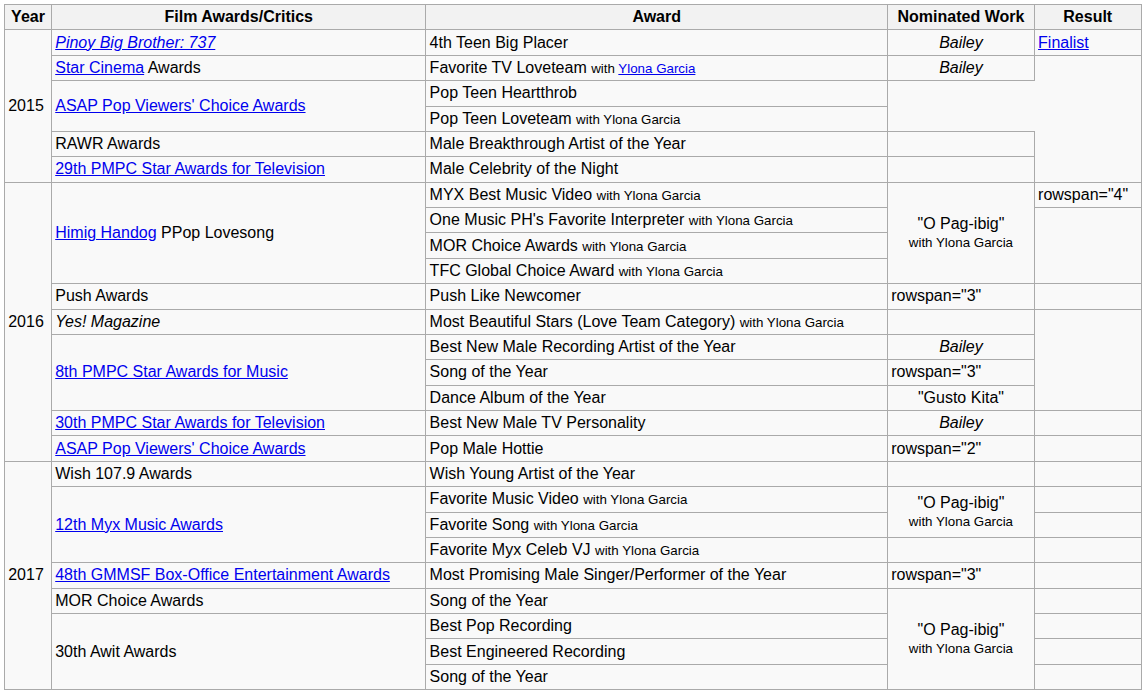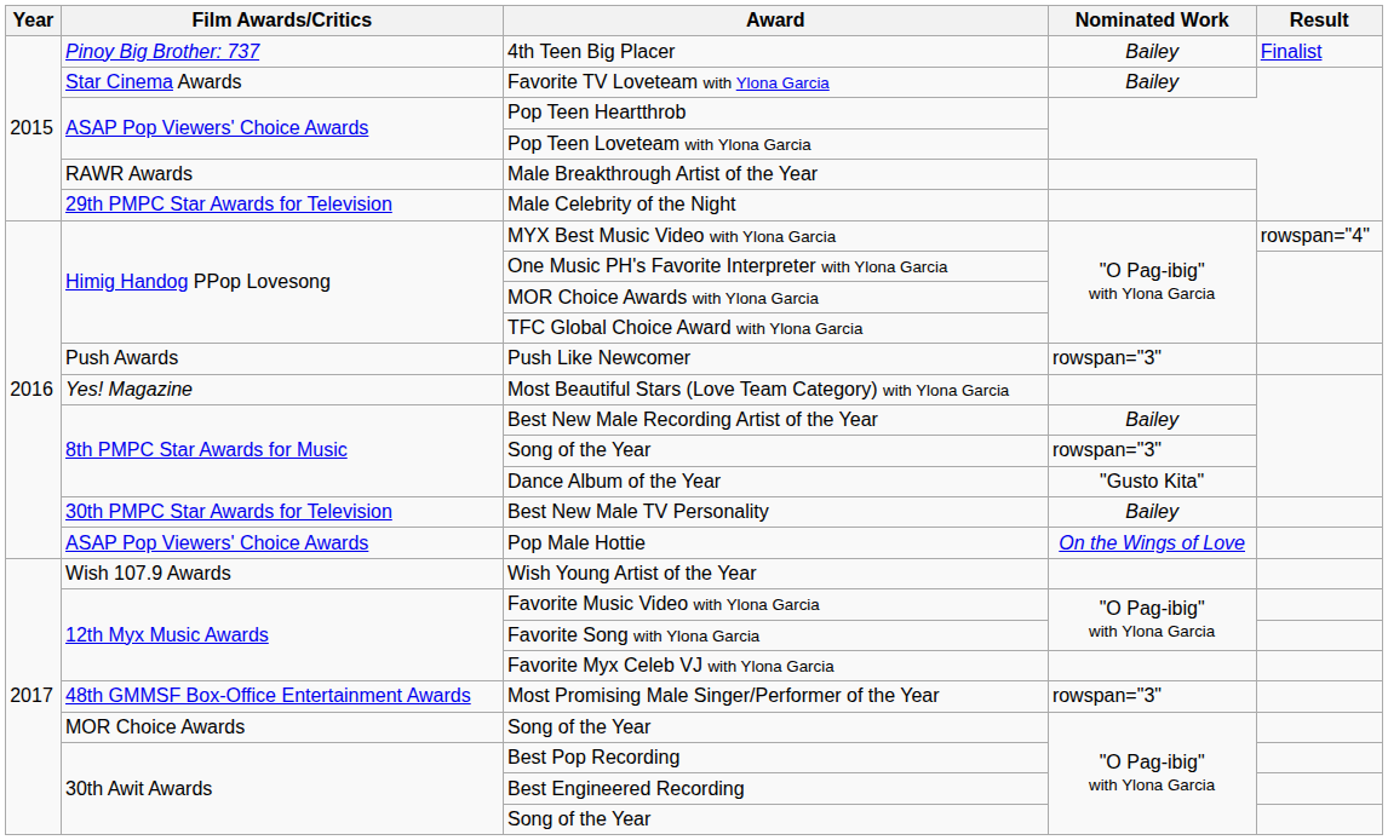 <table class="wikitable" style="width: 90%;">
 <tr>
 <th>Year</th>
 <th>Film Awards/Critics</th>
 <th>Award</th>
 <th>Nominated Work</th>
 <th>Result</th>
 </tr>
 <tr>
 <td rowspan="6">2015</td>
 <td><em><a href='#'>Pinoy Big Brother: 737</a></em></td>
 <td>4th Teen Big Placer</td>
 <td align="center"><em>Bailey</em></td>
 <td><a href='#'>Finalist</a></td>
 </tr>
 <tr>
 <td><a href='#'>Star Cinema</a> Awards</td>
 <td>Favorite TV Loveteam <small>with <a href='#'>Ylona Garcia</a></small></td>
 <td align="center"><em>Bailey</em></td>
 </tr>
 <tr>
 <td rowspan="2"><a href='#'>ASAP Pop Viewers' Choice Awards</a></td>
 <td>Pop Teen Heartthrob</td>
 </tr>
 <tr>
 <td>Pop Teen Loveteam <small>with Ylona Garcia</small></td>
 </tr>
 <tr>
 <td>RAWR Awards</td>
 <td>Male Breakthrough Artist of the Year</td>
 <td></td>
 </tr>
 <tr>
 <td><a href='#'>29th PMPC Star Awards for Television</a></td>
 <td>Male Celebrity of the Night</td>
 <td></td>
 </tr>
 <tr>
 <td rowspan="11">2016</td>
 <td rowspan="4"><a href='#'>Himig Handog</a> PPop Lovesong</td>
 <td>MYX Best Music Video <small>with Ylona Garcia</small></td>
 <td rowspan="4" align="center">"O Pag-ibig"<br><small>with Ylona Garcia</small></td>
 <td>rowspan="4" </td>
 </tr>
 <tr>
 <td>One Music PH's Favorite Interpreter <small>with Ylona Garcia</small></td>
 </tr>
 <tr>
 <td>MOR Choice Awards <small>with Ylona Garcia</small></td>
 </tr>
 <tr>
 <td>TFC Global Choice Award <small>with Ylona Garcia</small></td>
 </tr>
 <tr>
 <td>Push Awards</td>
 <td>Push Like Newcomer</td>
 <td>rowspan="3" </td>
 <td></td>
 </tr>
 <tr>
 <td><em>Yes! Magazine</em></td>
 <td>Most Beautiful Stars (Love Team Category) <small>with Ylona Garcia</small></td>
 <td></td>
 </tr>
 <tr>
 <td rowspan="3"><a href='#'>8th PMPC Star Awards for Music</a></td>
 <td>Best New Male Recording Artist of the Year</td>
 <td align="center"><em>Bailey</em></td>
 </tr>
 <tr>
 <td>Song of the Year</td>
 <td>rowspan="3" </td>
 </tr>
 <tr>
 <td>Dance Album of the Year</td>
 <td align="center">"Gusto Kita"</td>
 </tr>
 <tr>
 <td><a href='#'>30th PMPC Star Awards for Television</a></td>
 <td>Best New Male TV Personality</td>
 <td align="center"><em>Bailey</em></td>
 <td></td>
 </tr>
 <tr>
 <td><a href='#'>ASAP Pop Viewers' Choice Awards</a></td>
 <td>Pop Male Hottie</td>
-<td>rowspan="2" </td>
+<td align="center"><em><a href='#'>On the Wings of Love</a></em></td>
 <td></td>
 </tr>
 <tr>
 <td rowspan=9>2017</td>
 <td>Wish 107.9 Awards</td>
 <td>Wish Young Artist of the Year</td>
 <td></td>
 </tr>
 <tr>
 <td rowspan=3><a href='#'>12th Myx Music Awards</a></td>
 <td>Favorite Music Video <small>with Ylona Garcia</small></td>
 <td rowspan=2 align="center">"O Pag-ibig"<br><small>with Ylona Garcia</small></td>
 <td></td>
 </tr>
 <tr>
 <td>Favorite Song <small>with Ylona Garcia</small></td>
 <td></td>
 </tr>
 <tr>
 <td>Favorite Myx Celeb VJ <small>with Ylona Garcia</small></td>
 <td></td>
 <td></td>
 </tr>
 <tr>
 <td><a href='#'>48th GMMSF Box-Office Entertainment Awards</a></td>
 <td>Most Promising Male Singer/Performer of the Year</td>
 <td>rowspan="3" </td>
 <td></td>
 </tr>
 <tr>
 <td>MOR Choice Awards</td>
 <td>Song of the Year</td>
 <td rowspan="6" align= center>"O Pag-ibig"<br><small>with Ylona Garcia</small></td>
 <td></td>
 </tr>
 <tr>
 <td rowspan=3>30th Awit Awards</td>
 <td>Best Pop Recording</td>
 <td></td>
 </tr>
 <tr>
 <td>Best Engineered Recording</td>
 <td></td>
 </tr>
 <tr>
 <td>Song of the Year</td>
 <td></td>
 </tr>
 </table>
